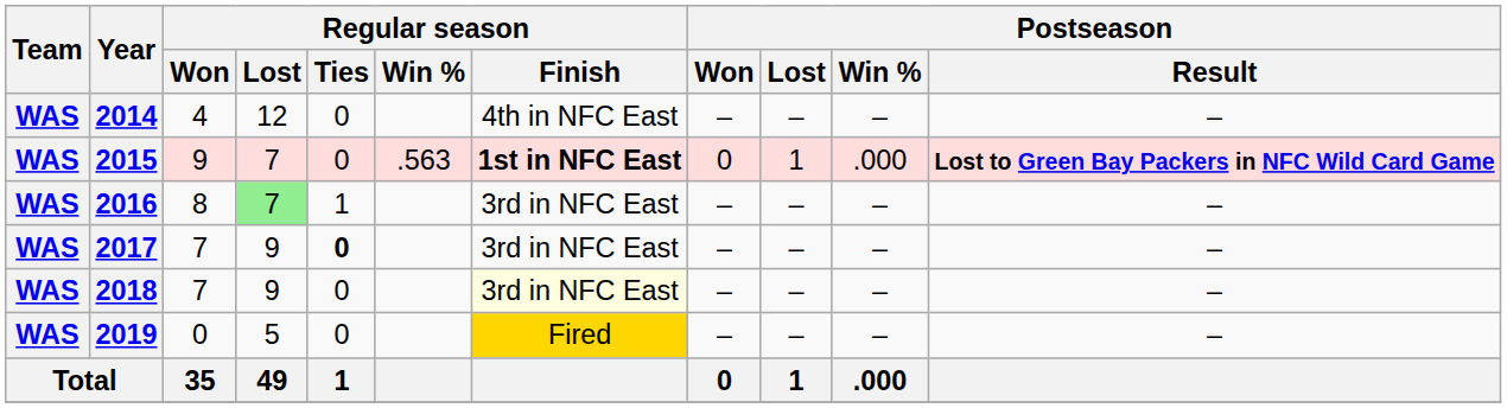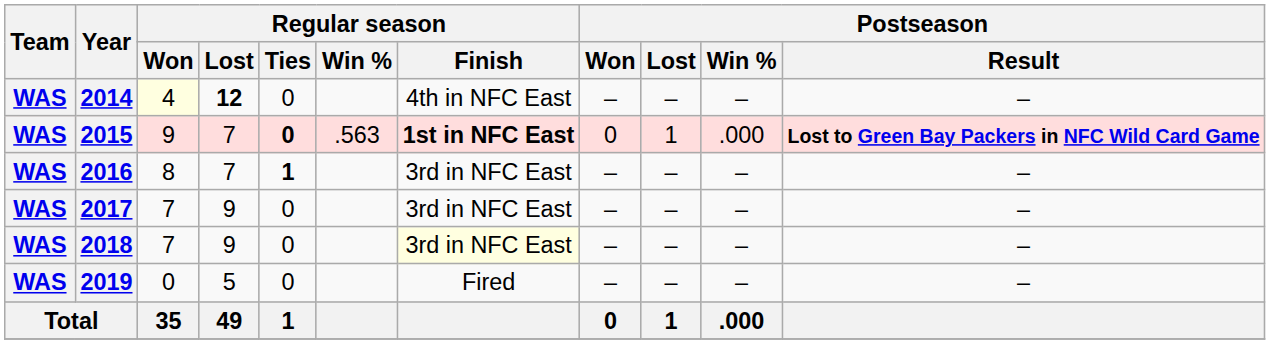 <table class="wikitable" style="font-size: 95%; text-align:center;">
 <tr>
 <th rowspan="2">Team</th>
 <th rowspan="2">Year</th>
 <th colspan="5">Regular season</th>
 <th colspan="4">Postseason</th>
 </tr>
 <tr>
 <th>Won</th>
 <th>Lost</th>
 <th>Ties</th>
 <th>Win %</th>
 <th>Finish</th>
 <th>Won</th>
 <th>Lost</th>
 <th>Win %</th>
 <th>Result</th>
 </tr>
 <tr>
 <th><a href='#'>WAS</a></th>
 <th><a href='#'>2014</a></th>
-<td>4</td>
-<td>12</td>
+<td style="background: lightyellow;">4</td>
+<td><strong>12</strong></td>
 <td>0</td>
 <td></td>
 <td>4th in NFC East</td>
 <td>–</td>
 <td>–</td>
 <td>–</td>
 <td>–</td>
 </tr>
 <tr ! style="background:#fdd;">
 <th><a href='#'>WAS</a></th>
 <th><a href='#'>2015</a></th>
 <td>9</td>
 <td>7</td>
-<td>0</td>
+<td><strong>0</strong></td>
 <td>.563</td>
 <td><strong>1st in NFC East</strong></td>
 <td>0</td>
 <td>1</td>
 <td>.000</td>
 <td><small><strong>Lost to <a href='#'>Green Bay Packers</a> in <a href='#'>NFC Wild Card Game</a></strong></small></td>
 </tr>
 <tr>
 <th><a href='#'>WAS</a></th>
 <th><a href='#'>2016</a></th>
 <td>8</td>
-<td style="background: lightgreen;">7</td>
-<td>1</td>
+<td>7</td>
+<td><strong>1</strong></td>
 <td></td>
 <td>3rd in NFC East</td>
 <td>–</td>
 <td>–</td>
 <td>–</td>
 <td>–</td>
 </tr>
 <tr>
 <th><a href='#'>WAS</a></th>
 <th><a href='#'>2017</a></th>
 <td>7</td>
 <td>9</td>
-<td><strong>0</strong></td>
+<td>0</td>
 <td></td>
 <td>3rd in NFC East</td>
 <td>–</td>
 <td>–</td>
 <td>–</td>
 <td>–</td>
 </tr>
 <tr>
 <th><a href='#'>WAS</a></th>
 <th><a href='#'>2018</a></th>
 <td>7</td>
 <td>9</td>
 <td>0</td>
 <td></td>
 <td style="background: lightyellow;">3rd in NFC East</td>
 <td>–</td>
 <td>–</td>
 <td>–</td>
 <td>–</td>
 </tr>
 <tr>
 <th><a href='#'>WAS</a></th>
 <th><a href='#'>2019</a></th>
 <td>0</td>
 <td>5</td>
 <td>0</td>
 <td></td>
-<td style="background: gold;">Fired</td>
+<td>Fired</td>
 <td>–</td>
 <td>–</td>
 <td>–</td>
 <td>–</td>
 </tr>
 <tr>
 <th colspan="2">Total</th>
 <th>35</th>
 <th>49</th>
 <th>1</th>
 <th></th>
 <th></th>
 <th>0</th>
 <th>1</th>
 <th>.000</th>
 <th></th>
 </tr>
 <tr>
 </tr>
 </table>
